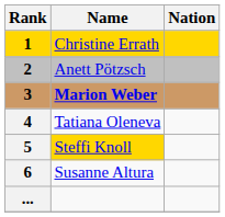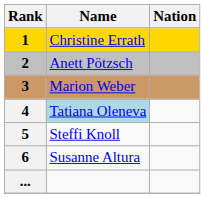 <table class="wikitable">
 <tr>
 <th>Rank</th>
 <th>Name</th>
 <th>Nation</th>
 </tr>
 <tr bgcolor="gold">
 <td align="center"><strong>1</strong></td>
 <td><a href='#'>Christine Errath</a></td>
 <td></td>
 </tr>
 <tr bgcolor="silver">
 <td align="center"><strong>2</strong></td>
 <td><a href='#'>Anett Pötzsch</a></td>
 <td></td>
 </tr>
 <tr bgcolor="cc9966">
 <td align="center"><strong>3</strong></td>
-<td><strong><a href='#'>Marion Weber</a></strong></td>
+<td><a href='#'>Marion Weber</a></td>
 <td></td>
 </tr>
 <tr>
 <th>4</th>
-<td><a href='#'>Tatiana Oleneva</a></td>
+<td style="background: lightblue;"><a href='#'>Tatiana Oleneva</a></td>
 <td></td>
 </tr>
 <tr>
 <th>5</th>
-<td style="background: gold;"><a href='#'>Steffi Knoll</a></td>
+<td><a href='#'>Steffi Knoll</a></td>
 <td></td>
 </tr>
 <tr>
 <th>6</th>
 <td><a href='#'>Susanne Altura</a></td>
 <td></td>
 </tr>
 <tr>
 <th>...</th>
 <td></td>
 <td></td>
 </tr>
 <tr>
 </tr>
 </table>
